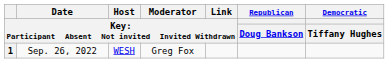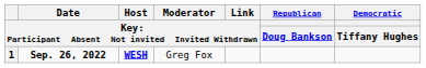 <table class="wikitable" style="text-align:center;">
 <tr>
 <th scope="col"></th>
 <th scope="col">Date</th>
 <th scope="col">Host</th>
 <th scope="col">Moderator</th>
 <th scope="col">Link</th>
 <th scope="col"><small><a href='#'>Republican</a></small></th>
 <th scope="col"><small><a href='#'>Democratic</a></small></th>
 </tr>
 <tr>
 <th colspan="5" rowspan="2">Key:<br> <small>Participant </small>  <small>Absent </small>  <small>Not invited </small>  <small>Invited  Withdrawn</small></th>
 <th scope="col" style="background:"></th>
 <th scope="col" style="background:"></th>
 </tr>
 <tr>
 <th scope="col"><a href='#'>Doug Bankson</a></th>
 <th scope="col">Tiffany Hughes</th>
 </tr>
 <tr>
 <th>1</th>
-<td style="white-space:nowrap;">Sep. 26, 2022</td>
-<td style="white-space:nowrap;"><a href='#'>WESH</a></td>
+<td style="white-space:nowrap;"><strong>Sep. 26, 2022</strong></td>
+<td style="white-space:nowrap;"><strong><a href='#'>WESH</a></strong></td>
 <td style="white-space:nowrap;">Greg Fox</td>
 <td style="white-space:nowrap;"></td>
 <td></td>
 <td></td>
 </tr>
 </table>
